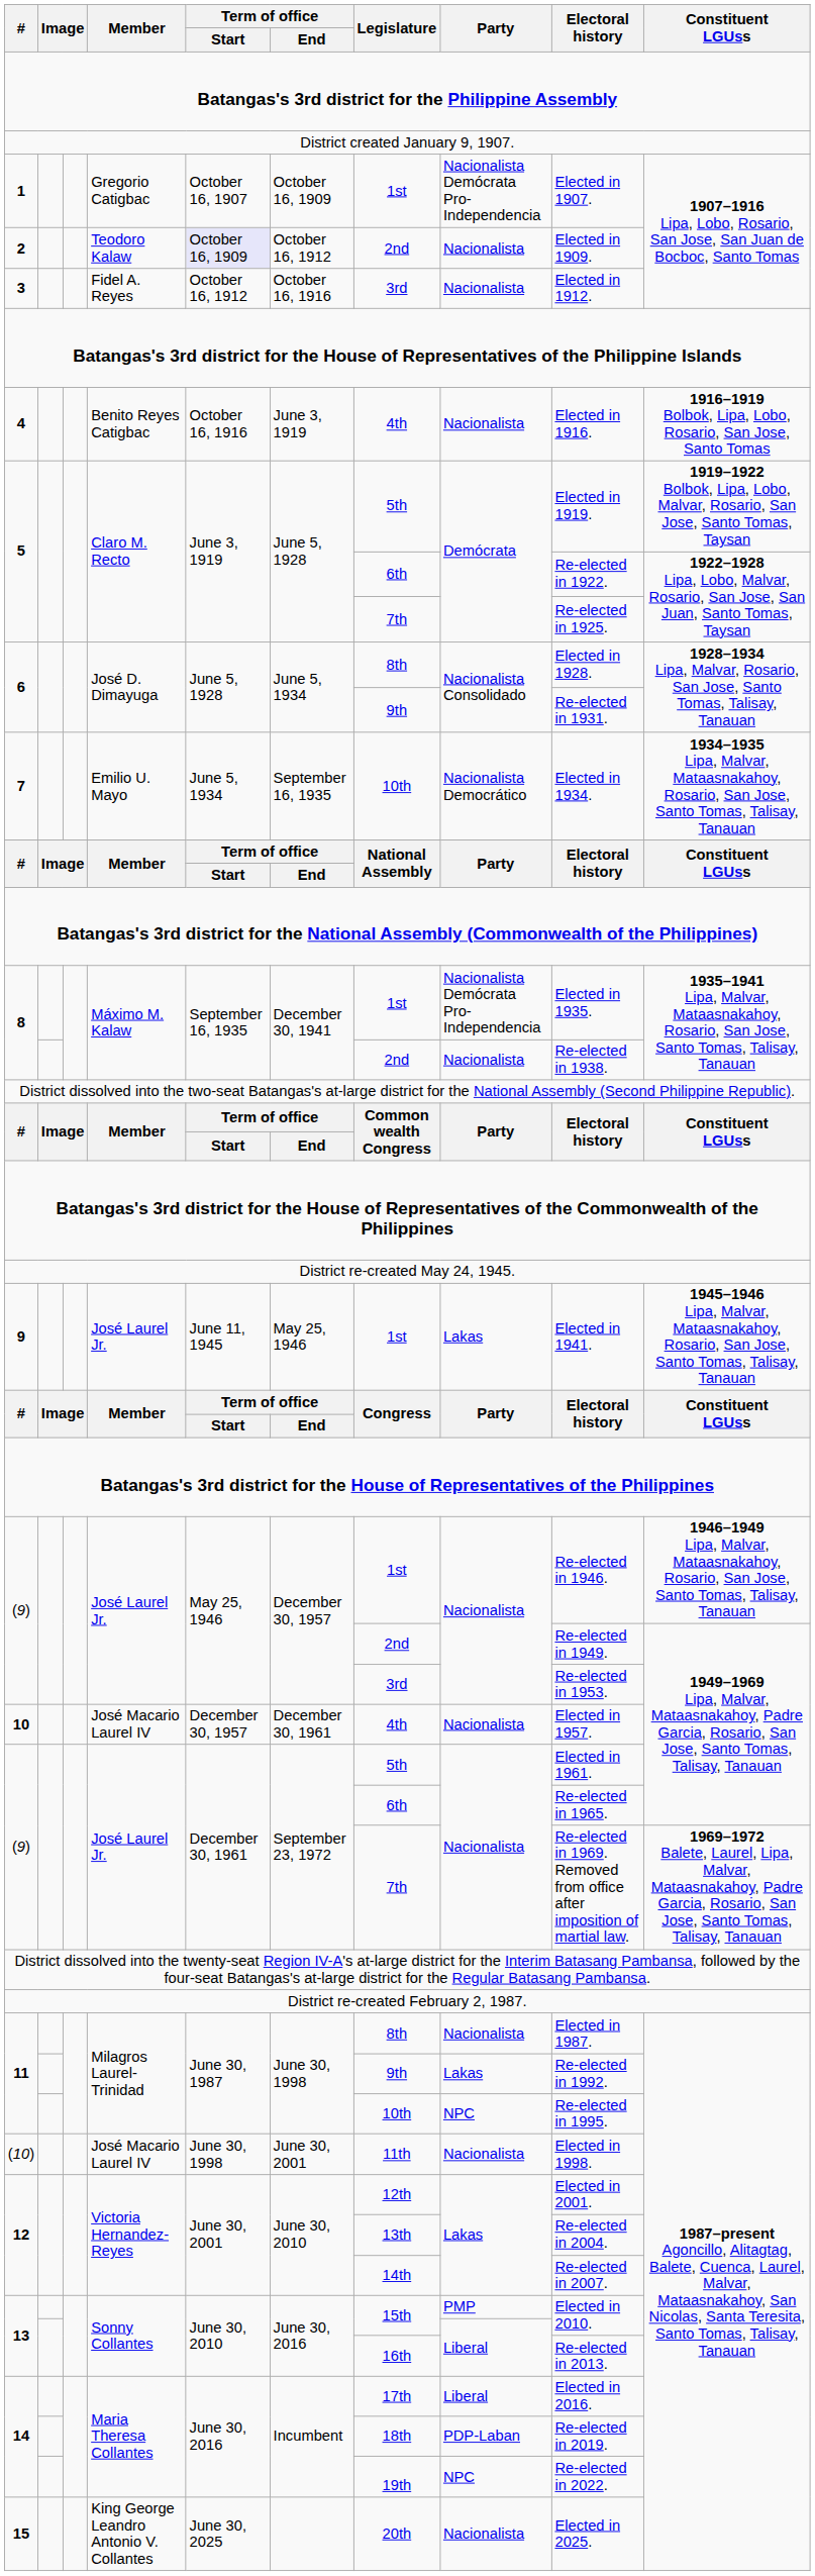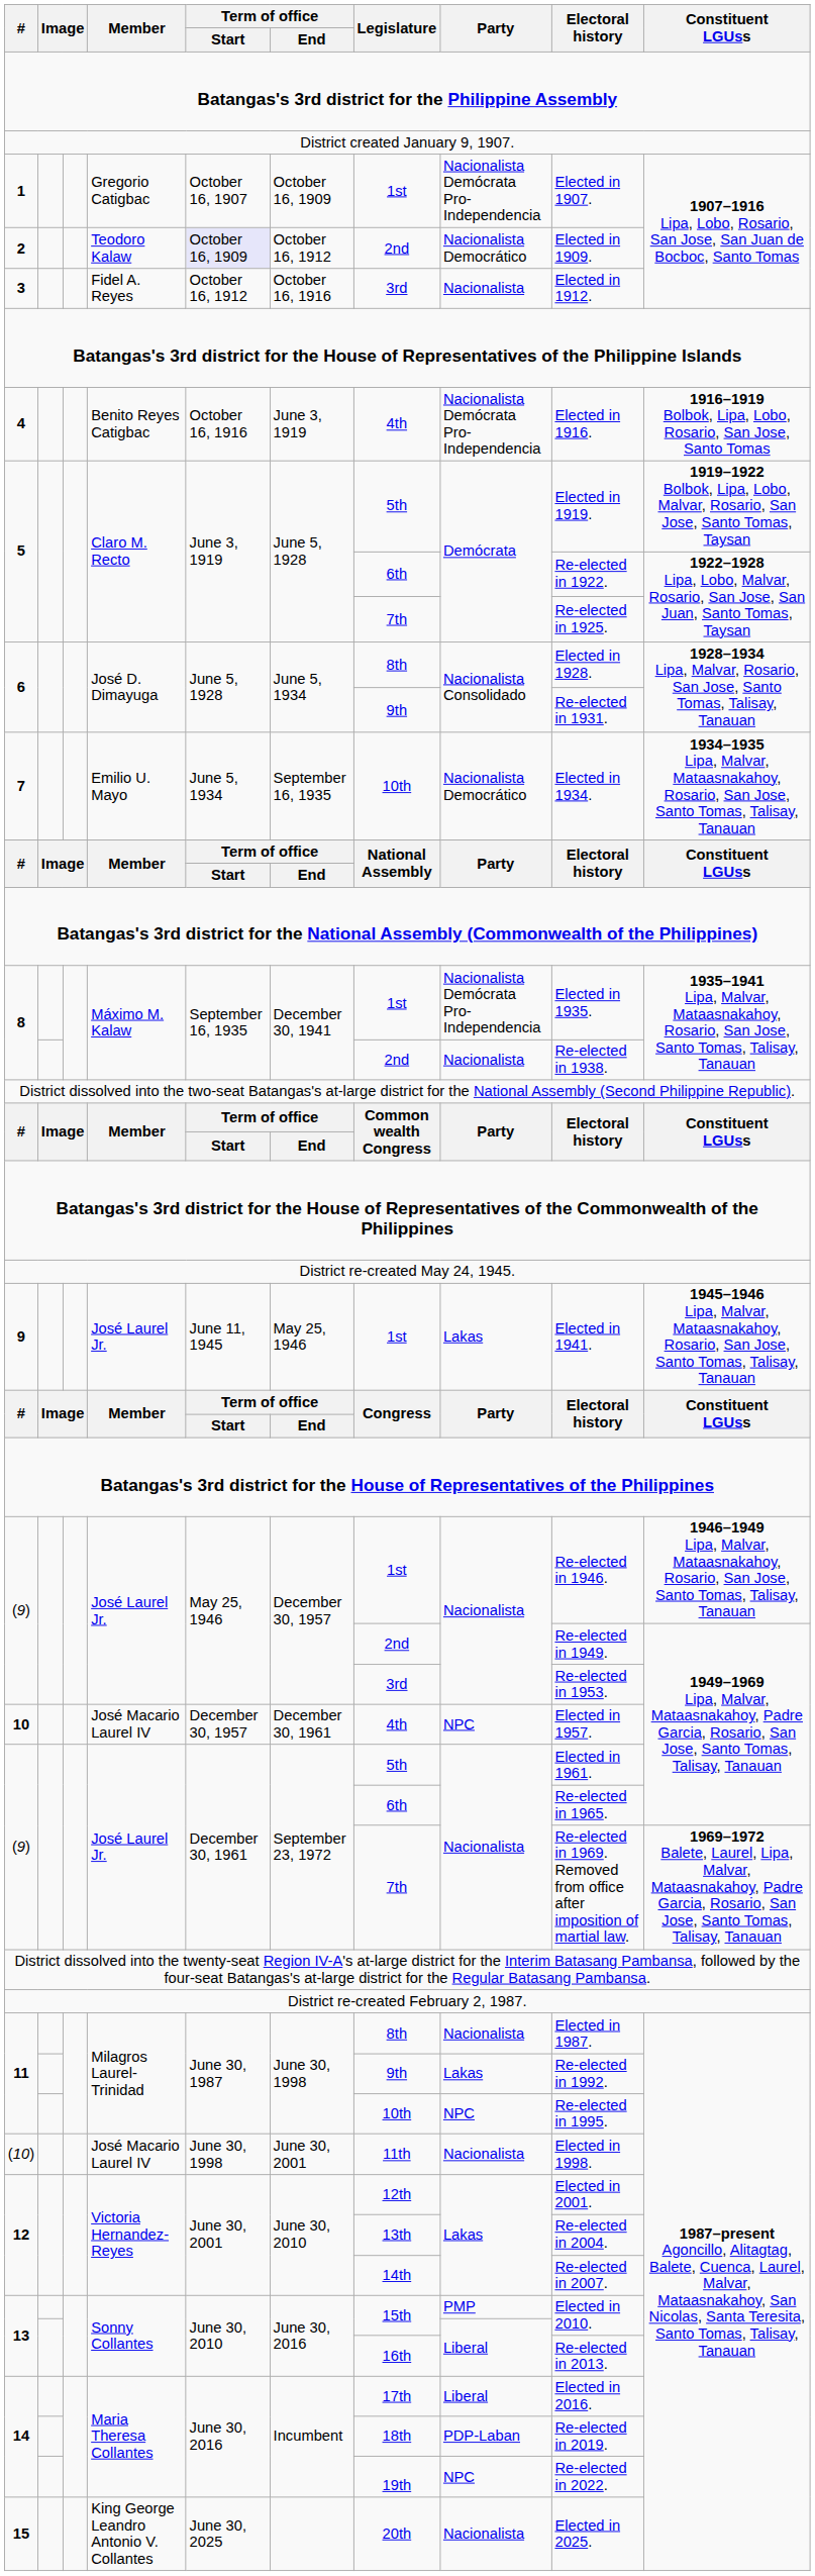 <table class=wikitable>
 <tr>
 <th rowspan="2">#</th>
 <th rowspan="2" colspan=2>Image</th>
 <th rowspan="2">Member</th>
 <th colspan=2>Term of office</th>
 <th rowspan="2">Legislature</th>
 <th rowspan="2">Party</th>
 <th rowspan="2">Electoral history</th>
 <th rowspan="2">Constituent<br><a href='#'>LGUs</a>s</th>
 </tr>
 <tr>
 <th>Start</th>
 <th>End</th>
 </tr>
 <tr>
 <td colspan="10" style="text-align:center;"><br><h3>Batangas's 3rd district for the <a href='#'>Philippine Assembly</a></h3></td>
 </tr>
 <tr>
 <td colspan="10" style="text-align:center;">District created January 9, 1907.</td>
 </tr>
 <tr>
 <td style="text-align:center;"><strong>1</strong></td>
 <td style="color:inherit;background:"></td>
 <td></td>
 <td>Gregorio Catigbac</td>
 <td>October 16, 1907</td>
 <td>October 16, 1909</td>
 <td style="text-align:center;"><a href='#'>1st</a></td>
 <td><a href='#'>Nacionalista</a><br>Demócrata Pro-Independencia</td>
 <td><a href='#'>Elected in 1907</a>.</td>
 <td rowspan="3" style="text-align:center;"><strong>1907–1916</strong><br><a href='#'>Lipa</a>, <a href='#'>Lobo</a>, <a href='#'>Rosario</a>, <a href='#'>San Jose</a>, <a href='#'>San Juan de Bocboc</a>, <a href='#'>Santo Tomas</a></td>
 </tr>
 <tr>
 <td style="text-align:center;"><strong>2</strong></td>
 <td style="color:inherit;background:"></td>
 <td></td>
 <td><a href='#'>Teodoro Kalaw</a></td>
 <td style="background: lavender;">October 16, 1909</td>
 <td>October 16, 1912</td>
 <td style="text-align:center;"><a href='#'>2nd</a></td>
-<td><a href='#'>Nacionalista</a></td>
+<td><a href='#'>Nacionalista</a><br>Democrático</td>
 <td><a href='#'>Elected in 1909</a>.</td>
 </tr>
 <tr>
 <td style="text-align:center;"><strong>3</strong></td>
 <td style="color:inherit;background:"></td>
 <td></td>
 <td>Fidel A. Reyes</td>
 <td>October 16, 1912</td>
 <td>October 16, 1916</td>
 <td style="text-align:center;"><a href='#'>3rd</a></td>
 <td><a href='#'>Nacionalista</a></td>
 <td><a href='#'>Elected in 1912</a>.</td>
 </tr>
 <tr>
 <td colspan="10" style="text-align:center;"><br><h3>Batangas's 3rd district for the House of Representatives of the Philippine Islands</h3></td>
 </tr>
 <tr>
 <td style="text-align:center;"><strong>4</strong></td>
 <td style="color:inherit;background:"></td>
 <td></td>
 <td>Benito Reyes Catigbac</td>
 <td>October 16, 1916</td>
 <td>June 3, 1919</td>
 <td style="text-align:center;"><a href='#'>4th</a></td>
-<td><a href='#'>Nacionalista</a></td>
+<td><a href='#'>Nacionalista</a><br>Demócrata Pro-Independencia</td>
 <td><a href='#'>Elected in 1916</a>.</td>
 <td style="text-align:center;"><strong>1916–1919</strong><br><a href='#'>Bolbok</a>, <a href='#'>Lipa</a>, <a href='#'>Lobo</a>, <a href='#'>Rosario</a>, <a href='#'>San Jose</a>, <a href='#'>Santo Tomas</a></td>
 </tr>
 <tr>
 <td rowspan="3" style="text-align:center;"><strong>5</strong></td>
 <td rowspan="3" style="color:inherit;background:"></td>
 <td rowspan="3"></td>
 <td rowspan="3"><a href='#'>Claro M. Recto</a></td>
 <td rowspan="3">June 3, 1919</td>
 <td rowspan="3">June 5, 1928</td>
 <td style="text-align:center;"><a href='#'>5th</a></td>
 <td rowspan="3"><a href='#'>Demócrata</a></td>
 <td><a href='#'>Elected in 1919</a>.</td>
 <td style="text-align:center;"><strong>1919–1922</strong><br><a href='#'>Bolbok</a>, <a href='#'>Lipa</a>, <a href='#'>Lobo</a>, <a href='#'>Malvar</a>, <a href='#'>Rosario</a>, <a href='#'>San Jose</a>, <a href='#'>Santo Tomas</a>, <a href='#'>Taysan</a></td>
 </tr>
 <tr>
 <td style="text-align:center;"><a href='#'>6th</a></td>
 <td><a href='#'>Re-elected in 1922</a>.</td>
 <td rowspan="2" style="text-align:center;"><strong>1922–1928</strong><br><a href='#'>Lipa</a>, <a href='#'>Lobo</a>, <a href='#'>Malvar</a>, <a href='#'>Rosario</a>, <a href='#'>San Jose</a>, <a href='#'>San Juan</a>, <a href='#'>Santo Tomas</a>, <a href='#'>Taysan</a></td>
 </tr>
 <tr>
 <td style="text-align:center;"><a href='#'>7th</a></td>
 <td><a href='#'>Re-elected in 1925</a>.</td>
 </tr>
 <tr>
 <td rowspan="2" style="text-align:center;"><strong>6</strong></td>
 <td rowspan="2" style="color:inherit;background:"></td>
 <td rowspan="2"></td>
 <td rowspan="2">José D. Dimayuga</td>
 <td rowspan="2">June 5, 1928</td>
 <td rowspan="2">June 5, 1934</td>
 <td style="text-align:center;"><a href='#'>8th</a></td>
 <td rowspan="2"><a href='#'>Nacionalista</a><br>Consolidado</td>
 <td><a href='#'>Elected in 1928</a>.</td>
 <td rowspan="2" style="text-align:center;"><strong>1928–1934</strong><br><a href='#'>Lipa</a>, <a href='#'>Malvar</a>, <a href='#'>Rosario</a>, <a href='#'>San Jose</a>, <a href='#'>Santo Tomas</a>, <a href='#'>Talisay</a>, <a href='#'>Tanauan</a></td>
 </tr>
 <tr>
 <td style="text-align:center;"><a href='#'>9th</a></td>
 <td><a href='#'>Re-elected in 1931</a>.</td>
 </tr>
 <tr>
 <td style="text-align:center;"><strong>7</strong></td>
 <td style="color:inherit;background:"></td>
 <td></td>
 <td>Emilio U. Mayo</td>
 <td>June 5, 1934</td>
 <td>September 16, 1935</td>
 <td style="text-align:center;"><a href='#'>10th</a></td>
 <td><a href='#'>Nacionalista</a><br>Democrático</td>
 <td><a href='#'>Elected in 1934</a>.</td>
 <td style="text-align:center;"><strong>1934–1935</strong><br><a href='#'>Lipa</a>, <a href='#'>Malvar</a>, <a href='#'>Mataasnakahoy</a>, <a href='#'>Rosario</a>, <a href='#'>San Jose</a>, <a href='#'>Santo Tomas</a>, <a href='#'>Talisay</a>, <a href='#'>Tanauan</a></td>
 </tr>
 <tr>
 <th rowspan="2">#</th>
 <th rowspan="2" colspan=2>Image</th>
 <th rowspan="2">Member</th>
 <th colspan=2>Term of office</th>
 <th rowspan="2">National<br>Assembly</th>
 <th rowspan="2">Party</th>
 <th rowspan="2">Electoral history</th>
 <th rowspan="2">Constituent<br><a href='#'>LGUs</a>s</th>
 </tr>
 <tr>
 <th>Start</th>
 <th>End</th>
 </tr>
 <tr>
 <td colspan="10" style="text-align:center;"><br><h3>Batangas's 3rd district for the <a href='#'>National Assembly (Commonwealth of the Philippines)</a></h3></td>
 </tr>
 <tr>
 <td rowspan="2" style="text-align:center;"><strong>8</strong></td>
 <td style="color:inherit;background:"></td>
 <td rowspan="2"></td>
 <td rowspan="2"><a href='#'>Máximo M. Kalaw</a></td>
 <td rowspan="2">September 16, 1935</td>
 <td rowspan="2">December 30, 1941</td>
 <td style="text-align:center;"><a href='#'>1st</a></td>
 <td><a href='#'>Nacionalista</a><br>Demócrata Pro-Independencia</td>
 <td><a href='#'>Elected in 1935</a>.</td>
 <td rowspan="2" style="text-align:center;"><strong>1935–1941</strong><br><a href='#'>Lipa</a>, <a href='#'>Malvar</a>, <a href='#'>Mataasnakahoy</a>, <a href='#'>Rosario</a>, <a href='#'>San Jose</a>, <a href='#'>Santo Tomas</a>, <a href='#'>Talisay</a>, <a href='#'>Tanauan</a></td>
 </tr>
 <tr>
 <td style="color:inherit;background:"></td>
 <td style="text-align:center;"><a href='#'>2nd</a></td>
 <td><a href='#'>Nacionalista</a></td>
 <td><a href='#'>Re-elected in 1938</a>.</td>
 </tr>
 <tr>
 <td colspan="10" style="text-align:center;">District dissolved into the two-seat Batangas's at-large district for the <a href='#'>National Assembly (Second Philippine Republic)</a>.</td>
 </tr>
 <tr>
 <th rowspan="2">#</th>
 <th rowspan="2" colspan=2>Image</th>
 <th rowspan="2">Member</th>
 <th colspan=2>Term of office</th>
 <th rowspan="2">Common<br>wealth<br>Congress</th>
 <th rowspan="2">Party</th>
 <th rowspan="2">Electoral history</th>
 <th rowspan="2">Constituent<br><a href='#'>LGUs</a>s</th>
 </tr>
 <tr>
 <th>Start</th>
 <th>End</th>
 </tr>
 <tr>
 <td colspan="10" style="text-align:center;"><br><h3>Batangas's 3rd district for the House of Representatives of the Commonwealth of the Philippines</h3></td>
 </tr>
 <tr>
 <td colspan="10" style="text-align:center;">District re-created May 24, 1945.</td>
 </tr>
 <tr>
 <td style="text-align:center;"><strong>9</strong></td>
 <td style="color:inherit;background:"></td>
 <td></td>
 <td><a href='#'>José Laurel Jr.</a></td>
 <td>June 11, 1945</td>
 <td>May 25, 1946</td>
 <td style="text-align:center;"><a href='#'>1st</a></td>
 <td><a href='#'>Lakas</a></td>
 <td><a href='#'>Elected in 1941</a>.</td>
 <td style="text-align:center;"><strong>1945–1946</strong><br><a href='#'>Lipa</a>, <a href='#'>Malvar</a>, <a href='#'>Mataasnakahoy</a>, <a href='#'>Rosario</a>, <a href='#'>San Jose</a>, <a href='#'>Santo Tomas</a>, <a href='#'>Talisay</a>, <a href='#'>Tanauan</a></td>
 </tr>
 <tr>
 <th rowspan="2">#</th>
 <th rowspan="2" colspan=2>Image</th>
 <th rowspan="2">Member</th>
 <th colspan=2>Term of office</th>
 <th rowspan="2">Congress</th>
 <th rowspan="2">Party</th>
 <th rowspan="2">Electoral history</th>
 <th rowspan="2">Constituent<br><a href='#'>LGUs</a>s</th>
 </tr>
 <tr>
 <th>Start</th>
 <th>End</th>
 </tr>
 <tr>
 <td colspan="10" style="text-align:center;"><br><h3>Batangas's 3rd district for the <a href='#'>House of Representatives of the Philippines</a></h3></td>
 </tr>
 <tr>
 <td rowspan="3" style="text-align:center;">(<em>9</em>)</td>
 <td rowspan="3" style="color:inherit;background:"></td>
 <td rowspan="3"></td>
 <td rowspan="3"><a href='#'>José Laurel Jr.</a></td>
 <td rowspan="3">May 25, 1946</td>
 <td rowspan="3">December 30, 1957</td>
 <td style="text-align:center;"><a href='#'>1st</a></td>
 <td rowspan="3"><a href='#'>Nacionalista</a></td>
 <td><a href='#'>Re-elected in 1946</a>.</td>
 <td style="text-align:center;"><strong>1946–1949</strong><br><a href='#'>Lipa</a>, <a href='#'>Malvar</a>, <a href='#'>Mataasnakahoy</a>, <a href='#'>Rosario</a>, <a href='#'>San Jose</a>, <a href='#'>Santo Tomas</a>, <a href='#'>Talisay</a>, <a href='#'>Tanauan</a></td>
 </tr>
 <tr>
 <td style="text-align:center;"><a href='#'>2nd</a></td>
 <td><a href='#'>Re-elected in 1949</a>.</td>
 <td rowspan="5" style="text-align:center;"><strong>1949–1969</strong><br><a href='#'>Lipa</a>, <a href='#'>Malvar</a>, <a href='#'>Mataasnakahoy</a>, <a href='#'>Padre Garcia</a>, <a href='#'>Rosario</a>, <a href='#'>San Jose</a>, <a href='#'>Santo Tomas</a>, <a href='#'>Talisay</a>, <a href='#'>Tanauan</a></td>
 </tr>
 <tr>
 <td style="text-align:center;"><a href='#'>3rd</a></td>
 <td><a href='#'>Re-elected in 1953</a>.</td>
 </tr>
 <tr>
 <td style="text-align:center;"><strong>10</strong></td>
 <td style="color:inherit;background:"></td>
 <td></td>
 <td>José Macario Laurel IV</td>
 <td>December 30, 1957</td>
 <td>December 30, 1961</td>
 <td style="text-align:center;"><a href='#'>4th</a></td>
-<td><a href='#'>Nacionalista</a></td>
+<td><a href='#'>NPC</a></td>
 <td><a href='#'>Elected in 1957</a>.</td>
 </tr>
 <tr>
 <td rowspan="3" style="text-align:center;">(<em>9</em>)</td>
 <td rowspan="3" style="color:inherit;background:"></td>
 <td rowspan="3"></td>
 <td rowspan="3"><a href='#'>José Laurel Jr.</a></td>
 <td rowspan="3">December 30, 1961</td>
 <td rowspan="3">September 23, 1972</td>
 <td style="text-align:center;"><a href='#'>5th</a></td>
 <td rowspan="3"><a href='#'>Nacionalista</a></td>
 <td><a href='#'>Elected in 1961</a>.</td>
 </tr>
 <tr>
 <td style="text-align:center;"><a href='#'>6th</a></td>
 <td><a href='#'>Re-elected in 1965</a>.</td>
 </tr>
 <tr>
 <td style="text-align:center;"><a href='#'>7th</a></td>
 <td><a href='#'>Re-elected in 1969</a>.<br>Removed from office after <a href='#'>imposition of martial law</a>.</td>
 <td style="text-align:center;"><strong>1969–1972</strong><br><a href='#'>Balete</a>, <a href='#'>Laurel</a>, <a href='#'>Lipa</a>, <a href='#'>Malvar</a>, <a href='#'>Mataasnakahoy</a>, <a href='#'>Padre Garcia</a>, <a href='#'>Rosario</a>, <a href='#'>San Jose</a>, <a href='#'>Santo Tomas</a>, <a href='#'>Talisay</a>, <a href='#'>Tanauan</a></td>
 </tr>
 <tr>
 <td colspan="10" style="text-align:center;">District dissolved into the twenty-seat <a href='#'>Region IV-A</a>'s at-large district for the <a href='#'>Interim Batasang Pambansa</a>, followed by the four-seat Batangas's at-large district for the <a href='#'>Regular Batasang Pambansa</a>.</td>
 </tr>
 <tr>
 <td colspan="10" style="text-align:center;">District re-created February 2, 1987.</td>
 </tr>
 <tr>
 <td rowspan="3" style="text-align:center;"><strong>11</strong></td>
 <td style="color:inherit;background:"></td>
 <td rowspan="3"></td>
 <td rowspan="3">Milagros Laurel-Trinidad</td>
 <td rowspan="3">June 30, 1987</td>
 <td rowspan="3">June 30, 1998</td>
 <td style="text-align:center;"><a href='#'>8th</a></td>
 <td><a href='#'>Nacionalista</a></td>
 <td><a href='#'>Elected in 1987</a>.</td>
 <td rowspan="14" style="text-align:center;"><strong>1987–present</strong><br><a href='#'>Agoncillo</a>, <a href='#'>Alitagtag</a>, <a href='#'>Balete</a>, <a href='#'>Cuenca</a>, <a href='#'>Laurel</a>, <a href='#'>Malvar</a>, <a href='#'>Mataasnakahoy</a>, <a href='#'>San Nicolas</a>, <a href='#'>Santa Teresita</a>, <a href='#'>Santo Tomas</a>, <a href='#'>Talisay</a>, <a href='#'>Tanauan</a></td>
 </tr>
 <tr>
 <td style="color:inherit;background:"></td>
 <td style="text-align:center;"><a href='#'>9th</a></td>
 <td><a href='#'>Lakas</a></td>
 <td><a href='#'>Re-elected in 1992</a>.</td>
 </tr>
 <tr>
 <td style="color:inherit;background:"></td>
 <td style="text-align:center;"><a href='#'>10th</a></td>
 <td><a href='#'>NPC</a></td>
 <td><a href='#'>Re-elected in 1995</a>.</td>
 </tr>
 <tr>
 <td style="text-align:center;">(<em>10</em>)</td>
 <td style="color:inherit;background:"></td>
 <td></td>
 <td>José Macario Laurel IV</td>
 <td>June 30, 1998</td>
 <td>June 30, 2001</td>
 <td style="text-align:center;"><a href='#'>11th</a></td>
 <td><a href='#'>Nacionalista</a></td>
 <td><a href='#'>Elected in 1998</a>.</td>
 </tr>
 <tr>
 <td rowspan="3" style="text-align:center;"><strong>12</strong></td>
 <td rowspan="3" style="color:inherit;background:"></td>
 <td rowspan="3"></td>
 <td rowspan="3"><a href='#'>Victoria Hernandez-Reyes</a></td>
 <td rowspan="3">June 30, 2001</td>
 <td rowspan="3">June 30, 2010</td>
 <td style="text-align:center;"><a href='#'>12th</a></td>
 <td rowspan="3"><a href='#'>Lakas</a></td>
 <td><a href='#'>Elected in 2001</a>.</td>
 </tr>
 <tr>
 <td style="text-align:center;"><a href='#'>13th</a></td>
 <td><a href='#'>Re-elected in 2004</a>.</td>
 </tr>
 <tr>
 <td style="text-align:center;"><a href='#'>14th</a></td>
 <td><a href='#'>Re-elected in 2007</a>.</td>
 </tr>
 <tr>
 <td rowspan="3" style="text-align:center;"><strong>13</strong></td>
 <td style="color:inherit;background:"></td>
 <td rowspan="3"></td>
 <td rowspan="3"><a href='#'>Sonny Collantes</a></td>
 <td rowspan="3">June 30, 2010</td>
 <td rowspan="3">June 30, 2016</td>
 <td rowspan="2" style="text-align:center;"><a href='#'>15th</a></td>
 <td><a href='#'>PMP</a></td>
 <td rowspan="2"><a href='#'>Elected in 2010</a>.</td>
 </tr>
 <tr>
 <td rowspan=2 style="color:inherit;background:"></td>
 <td rowspan=2><a href='#'>Liberal</a></td>
 </tr>
 <tr>
 <td style="text-align:center;"><a href='#'>16th</a></td>
 <td><a href='#'>Re-elected in 2013</a>.</td>
 </tr>
 <tr>
 <td rowspan="3" style="text-align:center;"><strong>14</strong></td>
 <td style="color:inherit;background:"></td>
 <td rowspan="3"></td>
 <td rowspan="3"><a href='#'>Maria Theresa Collantes</a></td>
 <td rowspan="3">June 30, 2016</td>
 <td rowspan="3">Incumbent</td>
 <td style="text-align:center;"><a href='#'>17th</a></td>
 <td><a href='#'>Liberal</a></td>
 <td><a href='#'>Elected in 2016</a>.</td>
 </tr>
 <tr>
 <td style="color:inherit;background:"></td>
 <td style="text-align:center;"><a href='#'>18th</a></td>
 <td><a href='#'>PDP-Laban</a></td>
 <td><a href='#'>Re-elected in 2019</a>.</td>
 </tr>
 <tr>
 <td style="color:inherit;background:"></td>
 <td style="text-align:center;"><br><a href='#'>19th</a></td>
 <td><a href='#'>NPC</a></td>
 <td><a href='#'>Re-elected in 2022</a>.</td>
 </tr>
 <tr>
 <td style="text-align:center;"><strong>15</strong></td>
 <td style="color:inherit;background:"></td>
 <td></td>
 <td>King George Leandro Antonio V. Collantes</td>
 <td>June 30, 2025</td>
 <td></td>
 <td style="text-align:center;"><a href='#'>20th</a></td>
 <td><a href='#'>Nacionalista</a></td>
 <td><a href='#'>Elected in 2025</a>.</td>
 </tr>
 </table>
